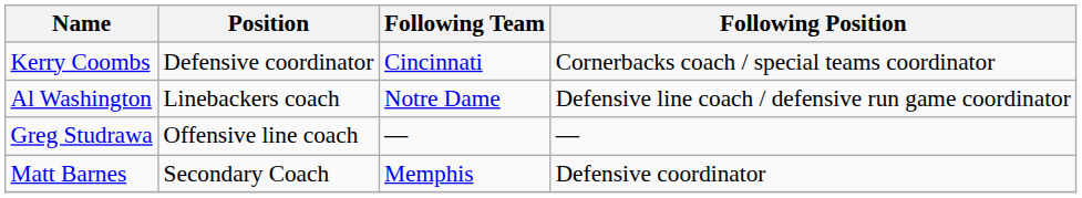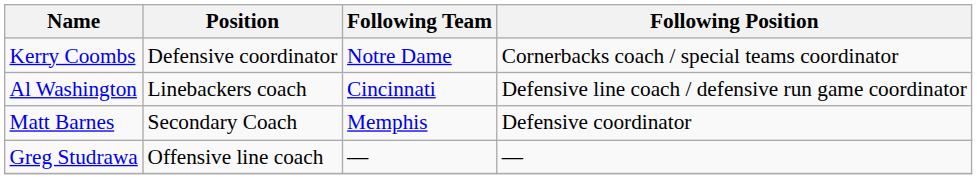 <table class="wikitable">
 <tr>
 <th style="text-align:center; ">Name</th>
 <th style="text-align:center; ">Position</th>
 <th style="text-align:center; ">Following Team</th>
 <th style="text-align:center; ">Following Position</th>
 </tr>
 <tr>
 <td><a href='#'>Kerry Coombs</a></td>
 <td>Defensive coordinator</td>
-<td><a href='#'>Cincinnati</a></td>
+<td><a href='#'>Notre Dame</a></td>
 <td>Cornerbacks coach / special teams coordinator</td>
 </tr>
 <tr>
 <td><a href='#'>Al Washington</a></td>
 <td>Linebackers coach</td>
-<td><a href='#'>Notre Dame</a></td>
+<td><a href='#'>Cincinnati</a></td>
 <td>Defensive line coach / defensive run game coordinator</td>
+</tr>
+<tr>
+<td><a href='#'>Matt Barnes</a></td>
+<td>Secondary Coach</td>
+<td><a href='#'>Memphis</a></td>
+<td>Defensive coordinator</td>
 </tr>
 <tr>
 <td><a href='#'>Greg Studrawa</a></td>
 <td>Offensive line coach</td>
 <td>—</td>
 <td>—</td>
 </tr>
 <tr>
-<td><a href='#'>Matt Barnes</a></td>
-<td>Secondary Coach</td>
-<td><a href='#'>Memphis</a></td>
-<td>Defensive coordinator</td>
-</tr>
-<tr>
 </tr>
 </table>
